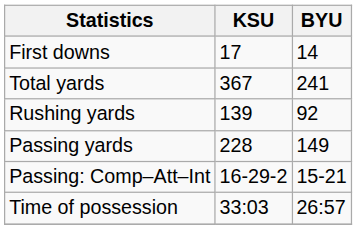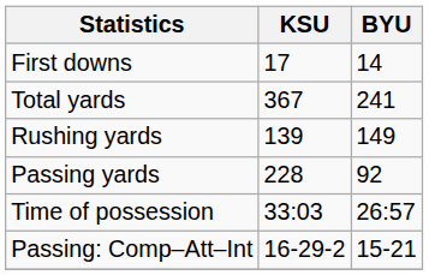 <table class="wikitable" style="float: left;">
 <tr>
 <th>Statistics</th>
 <th>KSU</th>
 <th>BYU</th>
 </tr>
 <tr>
 <td>First downs</td>
 <td>17</td>
 <td>14</td>
 </tr>
 <tr>
 <td>Total yards</td>
 <td>367</td>
 <td>241</td>
 </tr>
 <tr>
 <td>Rushing yards</td>
 <td>139</td>
-<td>92</td>
+<td>149</td>
 </tr>
 <tr>
 <td>Passing yards</td>
 <td>228</td>
-<td>149</td>
+<td>92</td>
+</tr>
+<tr>
+<td>Time of possession</td>
+<td>33:03</td>
+<td>26:57</td>
 </tr>
 <tr>
 <td>Passing: Comp–Att–Int</td>
 <td>16-29-2</td>
 <td>15-21</td>
 </tr>
 <tr>
-<td>Time of possession</td>
-<td>33:03</td>
-<td>26:57</td>
-</tr>
-<tr>
 </tr>
 </table>
